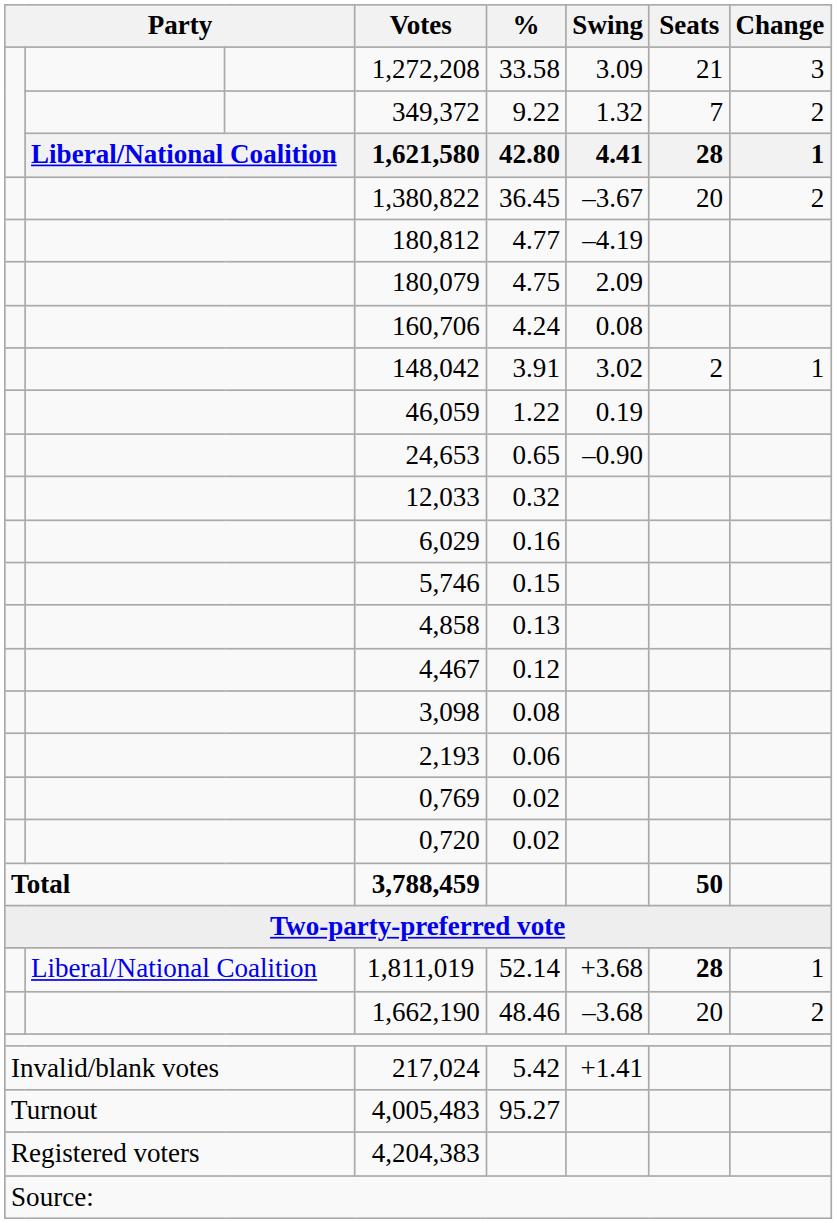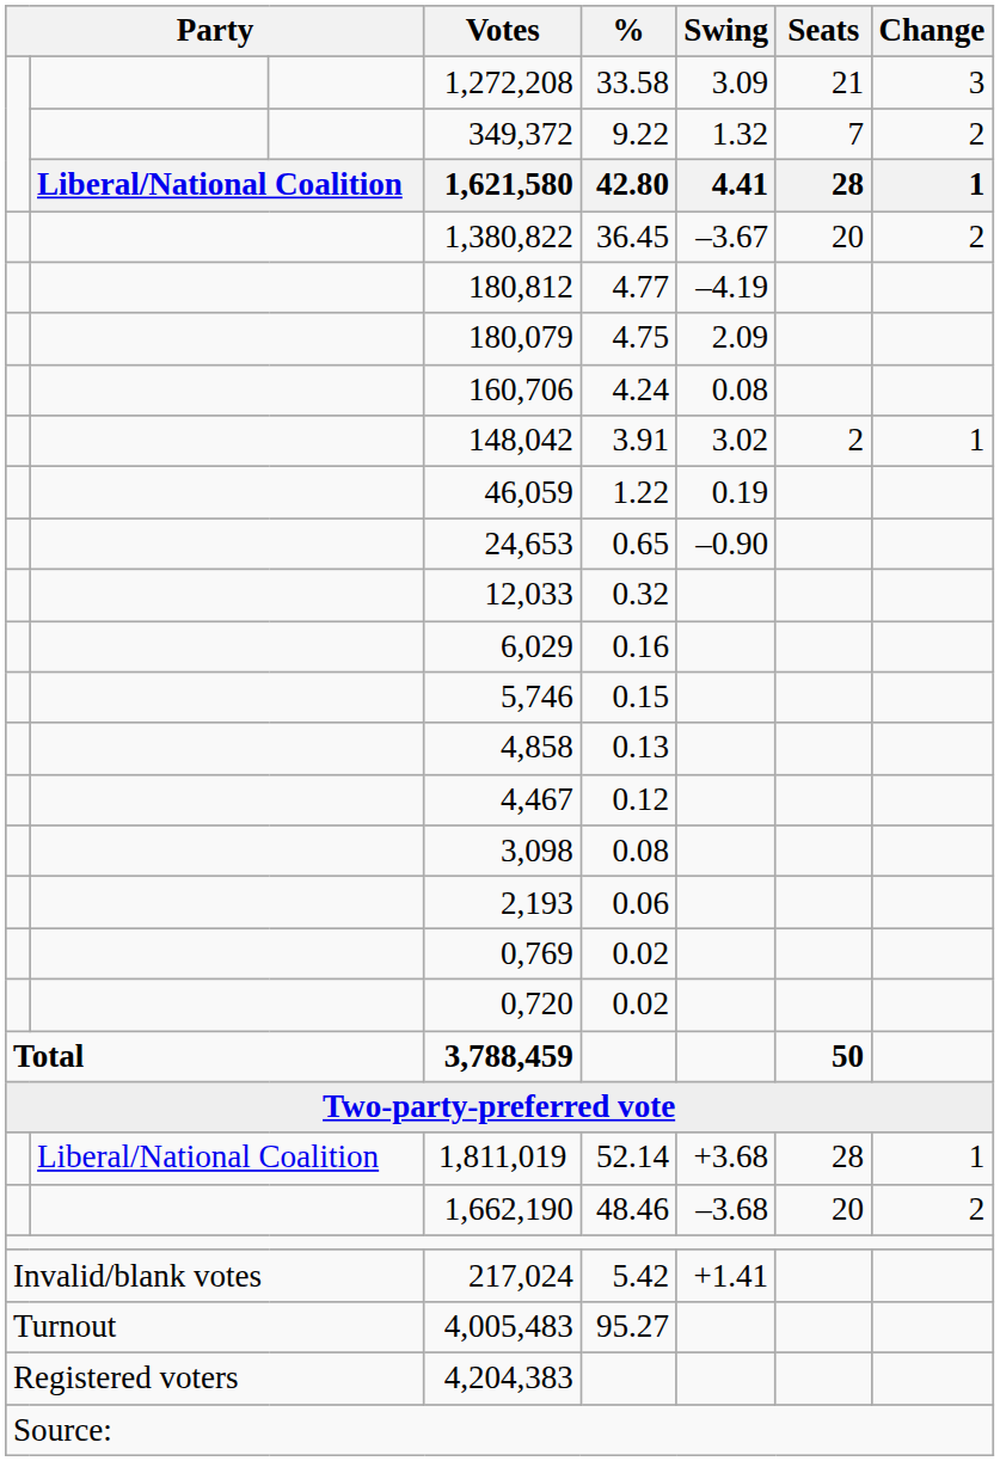 <table class="wikitable">
 <tr>
 <th colspan="3" style="width:200px"><strong>Party</strong></th>
 <th style="width:70px; text-align:center;"><strong>Votes</strong></th>
 <th style="width:40px; text-align:center;"><strong>%</strong></th>
 <th style="width:40px; text-align:center;"><strong>Swing</strong></th>
 <th style="width:40px; text-align:center;"><strong>Seats</strong></th>
 <th style="width:40px; text-align:center;"><strong>Change</strong></th>
 </tr>
 <tr>
 <td rowspan="3"> </td>
 <td> </td>
 <td></td>
 <td align="right">1,272,208</td>
 <td align="right">33.58</td>
 <td align="right">3.09</td>
 <td align="right">21</td>
 <td align="right"> 3</td>
 </tr>
 <tr>
 <td> </td>
 <td></td>
 <td align="right">349,372</td>
 <td align="right">9.22</td>
 <td align="right">1.32</td>
 <td align="right">7</td>
 <td align="right"> 2</td>
 </tr>
 <tr>
 <th colspan="2" style="text-align:left;"><a href='#'>Liberal/National Coalition</a></th>
 <th style="text-align:right;">1,621,580</th>
 <th style="text-align:right;">42.80</th>
 <th style="text-align:right;">4.41</th>
 <th style="text-align:right;">28</th>
 <th style="text-align:right;"> 1</th>
 </tr>
 <tr>
 <td> </td>
 <td colspan="2"></td>
 <td align="right">1,380,822</td>
 <td align="right">36.45</td>
 <td align="right">–3.67</td>
 <td align="right">20</td>
 <td align="right"> 2</td>
 </tr>
 <tr>
 <td> </td>
 <td colspan="2"></td>
 <td align="right">180,812</td>
 <td align="right">4.77</td>
 <td align="right">–4.19</td>
 <td align="right"></td>
 <td align="right"></td>
 </tr>
 <tr>
 <td> </td>
 <td colspan="2"></td>
 <td align="right">180,079</td>
 <td align="right">4.75</td>
 <td align="right">2.09</td>
 <td align="right"></td>
 <td align="right"></td>
 </tr>
 <tr>
 <td> </td>
 <td colspan="2"></td>
 <td align="right">160,706</td>
 <td align="right">4.24</td>
 <td align="right">0.08</td>
 <td align="right"></td>
 <td align="right"></td>
 </tr>
 <tr>
 <td> </td>
 <td colspan="2"></td>
 <td align="right">148,042</td>
 <td align="right">3.91</td>
 <td align="right">3.02</td>
 <td align="right">2</td>
 <td align="right"> 1</td>
 </tr>
 <tr>
 <td> </td>
 <td colspan="2"></td>
 <td align="right">46,059</td>
 <td align="right">1.22</td>
 <td align="right">0.19</td>
 <td align="right"></td>
 <td align="right"></td>
 </tr>
 <tr>
 <td> </td>
 <td colspan="2"></td>
 <td align="right">24,653</td>
 <td align="right">0.65</td>
 <td align="right">–0.90</td>
 <td align="right"></td>
 <td align="right"></td>
 </tr>
 <tr>
 <td> </td>
 <td colspan="2"></td>
 <td align="right">12,033</td>
 <td align="right">0.32</td>
 <td align="right"></td>
 <td align="right"></td>
 <td align="right"></td>
 </tr>
 <tr>
 <td> </td>
 <td colspan="2"></td>
 <td align="right">6,029</td>
 <td align="right">0.16</td>
 <td align="right"></td>
 <td align="right"></td>
 <td align="right"></td>
 </tr>
 <tr>
 <td> </td>
 <td colspan="2"></td>
 <td align="right">5,746</td>
 <td align="right">0.15</td>
 <td align="right"></td>
 <td align="right"></td>
 <td align="right"></td>
 </tr>
 <tr>
 <td> </td>
 <td colspan="2"></td>
 <td align="right">4,858</td>
 <td align="right">0.13</td>
 <td align="right"></td>
 <td align="right"></td>
 <td align="right"></td>
 </tr>
 <tr>
 <td> </td>
 <td colspan="2"></td>
 <td align="right">4,467</td>
 <td align="right">0.12</td>
 <td align="right"></td>
 <td align="right"></td>
 <td align="right"></td>
 </tr>
 <tr>
 <td> </td>
 <td colspan="2"></td>
 <td align="right">3,098</td>
 <td align="right">0.08</td>
 <td align="right"></td>
 <td align="right"></td>
 <td align="right"></td>
 </tr>
 <tr>
 <td> </td>
 <td colspan="2"></td>
 <td align="right">2,193</td>
 <td align="right">0.06</td>
 <td align="right"></td>
 <td align="right"></td>
 <td align="right"></td>
 </tr>
 <tr>
 <td> </td>
 <td colspan="2"></td>
 <td align="right">0,769</td>
 <td align="right">0.02</td>
 <td align="right"></td>
 <td align="right"></td>
 <td align="right"></td>
 </tr>
 <tr>
 <td> </td>
 <td colspan="2"></td>
 <td align="right">0,720</td>
 <td align="right">0.02</td>
 <td align="right"></td>
 <td align="right"></td>
 <td align="right"></td>
 </tr>
 <tr>
 <td colspan="3" align="left"><strong>Total</strong></td>
 <td align="right"><strong>3,788,459</strong></td>
 <td align="right"></td>
 <td align="right"></td>
 <td align="right"><strong>50</strong></td>
 <td align="right"></td>
 </tr>
 <tr>
 <td colspan="8" style="text-align:center; background:#eee;"><strong><a href='#'>Two-party-preferred vote</a></strong></td>
 </tr>
 <tr>
 <td> </td>
 <td colspan="2"><a href='#'>Liberal/National Coalition</a></td>
 <td align="center">1,811,019</td>
 <td align="right">52.14</td>
 <td align="right">+3.68</td>
-<td align="right"><strong>28</strong></td>
+<td align="right">28</td>
 <td align="right"> 1</td>
 </tr>
 <tr>
 <td> </td>
 <td colspan="2"></td>
 <td align="right">1,662,190</td>
 <td align="right">48.46</td>
 <td align="right">–3.68</td>
 <td align="right">20</td>
 <td align="right"> 2</td>
 </tr>
 <tr>
 <td colspan="8"></td>
 </tr>
 <tr>
 <td colspan="3" style="text-align:left;">Invalid/blank votes</td>
 <td align="right">217,024</td>
 <td align="right">5.42</td>
 <td align="right">+1.41</td>
 <td></td>
 <td></td>
 </tr>
 <tr>
 <td colspan="3" style="text-align:left;">Turnout</td>
 <td align="right">4,005,483</td>
 <td align="right">95.27</td>
 <td align="right"></td>
 <td></td>
 <td></td>
 </tr>
 <tr>
 <td colspan="3" style="text-align:left;">Registered voters</td>
 <td align="right">4,204,383</td>
 <td></td>
 <td></td>
 <td></td>
 <td></td>
 </tr>
 <tr>
 <td colspan="8" align="left">Source: </td>
 </tr>
 </table>
